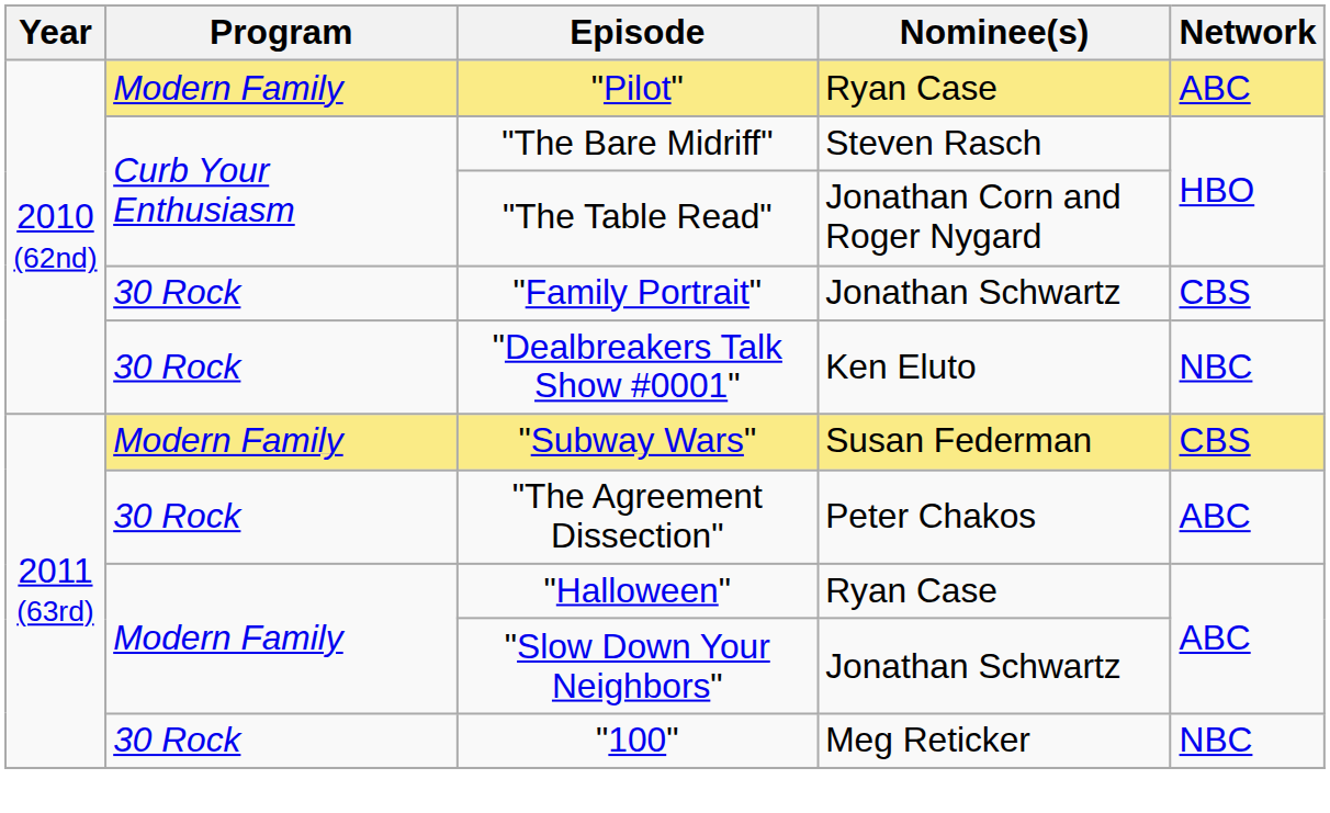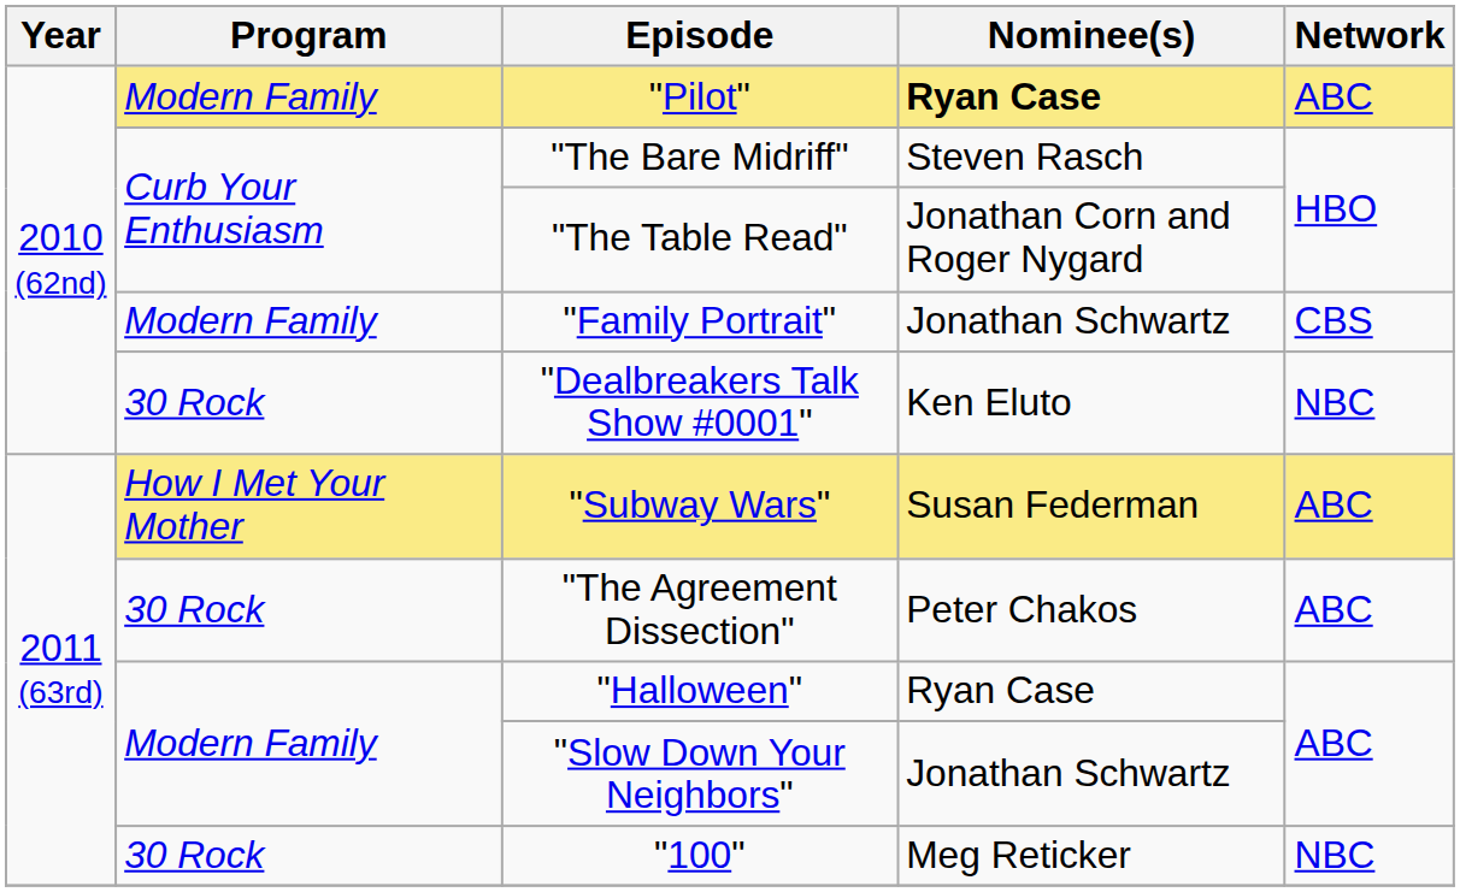 <table class="wikitable">
 <tr>
 <th width="5%">Year</th>
 <th width="30%">Program</th>
 <th width="30%">Episode</th>
 <th width="30%">Nominee(s)</th>
 <th width="5%">Network</th>
 </tr>
 <tr>
 <td rowspan=5 style="text-align:center;"><a href='#'>2010</a><br><small><a href='#'>(62nd)</a></small><br></td>
 <td style="background:#FAEB86;"><em><a href='#'>Modern Family</a></em></td>
 <td style="background:#FAEB86;" align=center>"<a href='#'>Pilot</a>"</td>
-<td style="background:#FAEB86;">Ryan Case</td>
+<td style="background:#FAEB86;"><strong>Ryan Case</strong></td>
 <td style="background:#FAEB86;"><a href='#'>ABC</a></td>
 </tr>
 <tr>
 <td rowspan=2><em><a href='#'>Curb Your Enthusiasm</a></em></td>
 <td align=center>"The Bare Midriff"</td>
 <td>Steven Rasch</td>
 <td rowspan=2><a href='#'>HBO</a></td>
 </tr>
 <tr>
 <td align=center>"The Table Read"</td>
 <td>Jonathan Corn and Roger Nygard</td>
 </tr>
 <tr>
-<td><em><a href='#'>30 Rock</a></em></td>
+<td><em><a href='#'>Modern Family</a></em></td>
 <td align=center>"<a href='#'>Family Portrait</a>"</td>
 <td>Jonathan Schwartz</td>
 <td><a href='#'>CBS</a></td>
 </tr>
 <tr>
 <td><em><a href='#'>30 Rock</a></em></td>
 <td align=center>"<a href='#'>Dealbreakers Talk Show #0001</a>"</td>
 <td>Ken Eluto</td>
 <td><a href='#'>NBC</a></td>
 </tr>
 <tr>
 <td rowspan=5 style="text-align:center;"><a href='#'>2011</a><br><small><a href='#'>(63rd)</a></small><br></td>
-<td style="background:#FAEB86;"><em><a href='#'>Modern Family</a></em></td>
+<td style="background:#FAEB86;"><em><a href='#'>How I Met Your Mother</a></em></td>
 <td style="background:#FAEB86;" align=center>"<a href='#'>Subway Wars</a>"</td>
 <td style="background:#FAEB86;">Susan Federman</td>
-<td style="background:#FAEB86;"><a href='#'>CBS</a></td>
+<td style="background:#FAEB86;"><a href='#'>ABC</a></td>
 </tr>
 <tr>
 <td><em><a href='#'>30 Rock</a></em></td>
 <td align=center>"The Agreement Dissection"</td>
 <td>Peter Chakos</td>
 <td><a href='#'>ABC</a></td>
 </tr>
 <tr>
 <td rowspan=2><em><a href='#'>Modern Family</a></em></td>
 <td align=center>"<a href='#'>Halloween</a>"</td>
 <td>Ryan Case</td>
 <td rowspan=2><a href='#'>ABC</a></td>
 </tr>
 <tr>
 <td align=center>"<a href='#'>Slow Down Your Neighbors</a>"</td>
 <td>Jonathan Schwartz</td>
 </tr>
 <tr>
 <td><em><a href='#'>30 Rock</a></em></td>
 <td align=center>"<a href='#'>100</a>"</td>
 <td>Meg Reticker</td>
 <td><a href='#'>NBC</a></td>
 </tr>
 <tr>
 </tr>
 </table>
